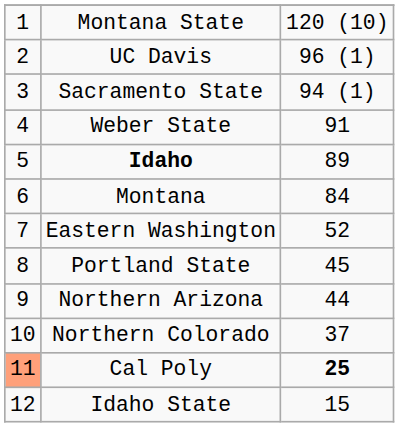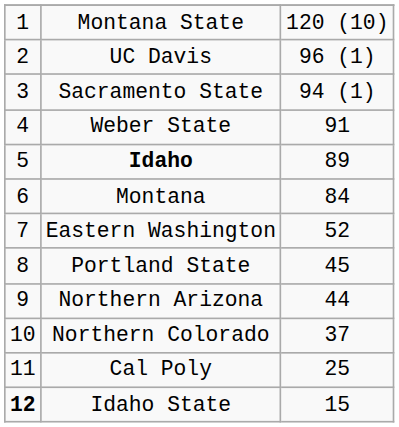 <table class="wikitable" style="display: inline-table;">
 <tr align="center">
 </tr>
 <tr align="center">
 <td>1</td>
 <td>Montana State</td>
 <td>120 (10)</td>
 </tr>
 <tr align="center">
 <td>2</td>
 <td>UC Davis</td>
 <td>96 (1)</td>
 </tr>
 <tr align="center">
 <td>3</td>
 <td>Sacramento State</td>
 <td>94 (1)</td>
 </tr>
 <tr align="center">
 <td>4</td>
 <td>Weber State</td>
 <td>91</td>
 </tr>
 <tr align="center">
 <td>5</td>
 <td><strong>Idaho</strong></td>
 <td>89</td>
 </tr>
 <tr align="center">
 <td>6</td>
 <td>Montana</td>
 <td>84</td>
 </tr>
 <tr align="center">
 <td>7</td>
 <td>Eastern Washington</td>
 <td>52</td>
 </tr>
 <tr align="center">
 <td>8</td>
 <td>Portland State</td>
 <td>45</td>
 </tr>
 <tr align="center">
 <td>9</td>
 <td>Northern Arizona</td>
 <td>44</td>
 </tr>
 <tr align="center">
 <td>10</td>
 <td>Northern Colorado</td>
 <td>37</td>
 </tr>
 <tr align="center">
-<td style="background: lightsalmon;">11</td>
+<td>11</td>
 <td>Cal Poly</td>
-<td><strong>25</strong></td>
+<td>25</td>
 </tr>
 <tr align="center">
-<td>12</td>
+<td><strong>12</strong></td>
 <td>Idaho State</td>
 <td>15</td>
 </tr>
 </table>
